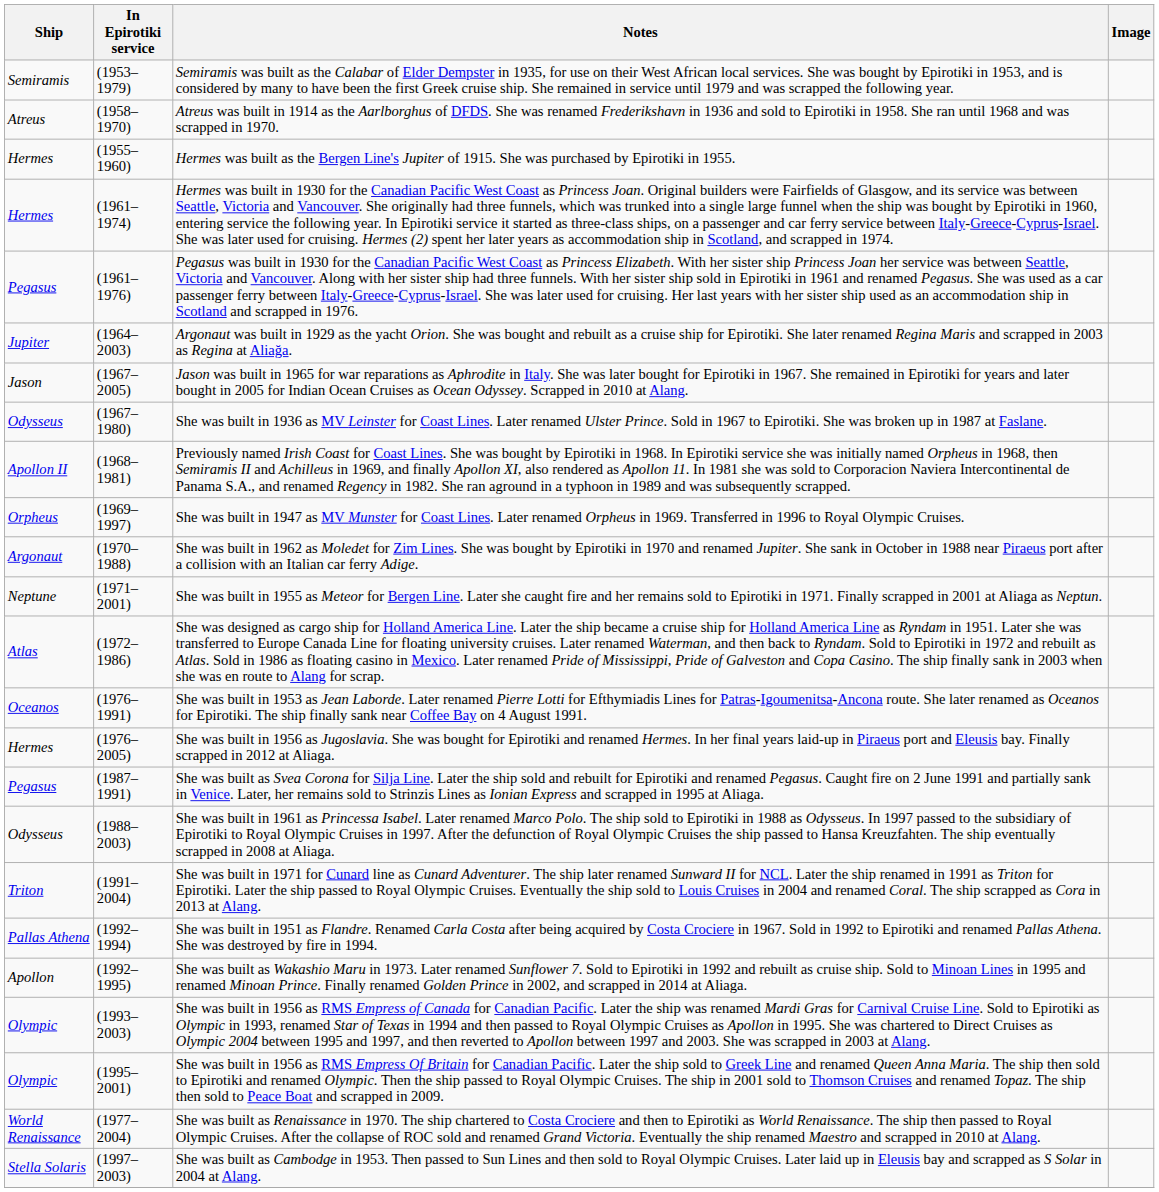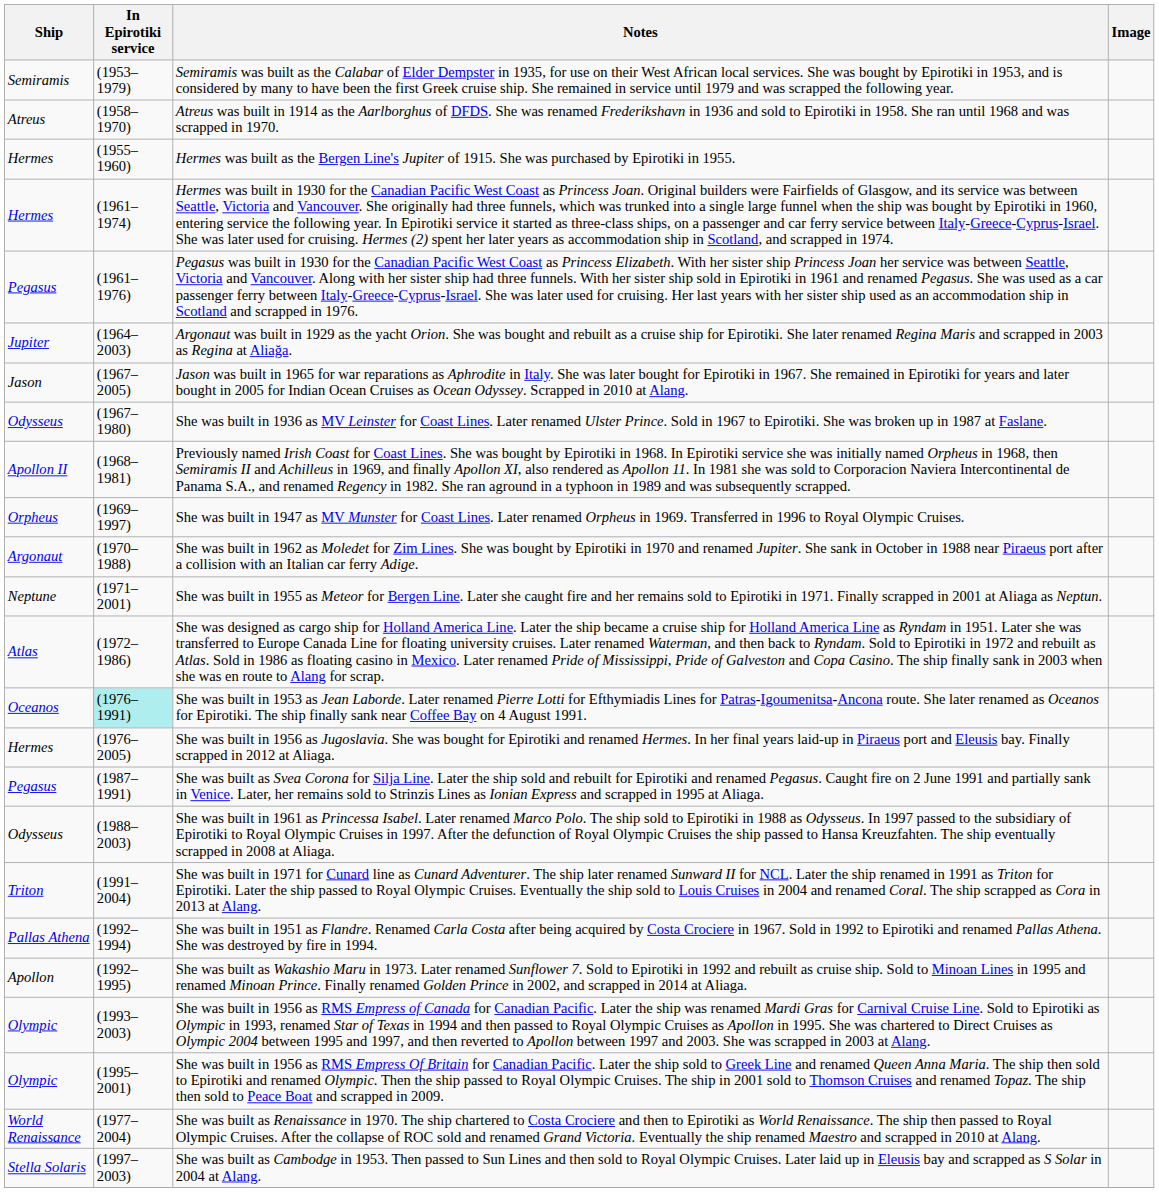 <table class="wikitable" style="width: 100%;">
 <tr>
 <th>Ship</th>
 <th>In Epirotiki service</th>
 <th>Notes</th>
 <th>Image</th>
 </tr>
 <tr>
 <td><em>Semiramis</em></td>
 <td>(1953–1979)</td>
 <td><em>Semiramis</em> was built as the <em>Calabar</em> of <a href='#'>Elder Dempster</a> in 1935, for use on their West African local services. She was bought by Epirotiki in 1953, and is considered by many to have been the first Greek cruise ship. She remained in service until 1979 and was scrapped the following year.</td>
 <td></td>
 </tr>
 <tr>
 <td><em>Atreus</em></td>
 <td>(1958–1970)</td>
 <td><em>Atreus</em> was built in 1914 as the <em>Aarlborghus</em> of <a href='#'>DFDS</a>. She was renamed <em>Frederikshavn</em> in 1936 and sold to Epirotiki in 1958. She ran until 1968 and was scrapped in 1970.</td>
 <td></td>
 </tr>
 <tr>
 <td><em>Hermes</em></td>
 <td>(1955–1960)</td>
 <td><em>Hermes</em> was built as the <a href='#'>Bergen Line's</a> <em>Jupiter</em> of 1915. She was purchased by Epirotiki in 1955.</td>
 <td></td>
 </tr>
 <tr>
 <td><a href='#'><em>Hermes</em></a></td>
 <td>(1961–1974)</td>
 <td><em>Hermes</em> was built in 1930 for the <a href='#'>Canadian Pacific West Coast</a> as <em>Princess Joan</em>. Original builders were Fairfields of Glasgow, and its service was between <a href='#'>Seattle</a>, <a href='#'>Victoria</a> and <a href='#'>Vancouver</a>. She originally had three funnels, which was trunked into a single large funnel when the ship was bought by Epirotiki in 1960, entering service the following year. In Epirotiki service it started as three-class ships, on a passenger and car ferry service between <a href='#'>Italy</a>-<a href='#'>Greece</a>-<a href='#'>Cyprus</a>-<a href='#'>Israel</a>. She was later used for cruising.  <em>Hermes (2)</em> spent her later years as accommodation ship in <a href='#'>Scotland</a>, and scrapped in 1974.</td>
 <td></td>
 </tr>
 <tr>
 <td><a href='#'><em>Pegasus</em></a></td>
 <td>(1961–1976)</td>
 <td><em>Pegasus</em> was built in 1930 for the <a href='#'>Canadian Pacific West Coast</a> as <em>Princess Elizabeth</em>. With her sister ship <em>Princess Joan</em> her service was between <a href='#'>Seattle</a>, <a href='#'>Victoria</a> and <a href='#'>Vancouver</a>. Along with her sister ship had three funnels. With her sister ship sold in Epirotiki in 1961 and renamed <em>Pegasus</em>. She was used as a car passenger ferry between <a href='#'>Italy</a>-<a href='#'>Greece</a>-<a href='#'>Cyprus</a>-<a href='#'>Israel</a>. She was later used for cruising. Her last years with her sister ship used as an accommodation ship in <a href='#'>Scotland</a> and scrapped in 1976.</td>
 <td></td>
 </tr>
 <tr>
 <td><em><a href='#'>Jupiter</a></em></td>
 <td>(1964–2003)</td>
 <td><em>Argonaut</em> was built in 1929 as the yacht <em>Orion</em>. She was bought and rebuilt as a cruise ship for Epirotiki. She later renamed <em>Regina Maris</em> and scrapped in 2003 as <em>Regina</em> at <a href='#'>Aliağa</a>.</td>
 <td></td>
 </tr>
 <tr>
 <td><em>Jason</em></td>
 <td>(1967–2005)</td>
 <td><em>Jason</em> was built in 1965 for war reparations as <em>Aphrodite</em> in <a href='#'>Italy</a>. She was later bought for Epirotiki in 1967. She remained in Epirotiki for years and later bought in 2005 for Indian Ocean Cruises as <em>Ocean Odyssey</em>. Scrapped in 2010 at <a href='#'>Alang</a>.</td>
 <td></td>
 </tr>
 <tr>
 <td><em><a href='#'>Odysseus</a></em></td>
 <td>(1967–1980)</td>
 <td>She was built in 1936 as <a href='#'>MV <em>Leinster</em></a> for <a href='#'>Coast Lines</a>. Later renamed <em>Ulster Prince</em>. Sold in 1967 to Epirotiki. She was broken up in 1987 at <a href='#'>Faslane</a>.</td>
 <td></td>
 </tr>
 <tr>
 <td><em><a href='#'>Apollon II</a></em></td>
 <td>(1968–1981)</td>
 <td>Previously named <em>Irish Coast</em> for <a href='#'>Coast Lines</a>. She was bought by Epirotiki in 1968. In Epirotiki service she was initially named <em>Orpheus</em> in 1968, then <em>Semiramis II</em> and <em>Achilleus</em> in 1969, and finally <em>Apollon XI</em>, also rendered as <em>Apollon 11</em>. In 1981 she was sold to Corporacion Naviera Intercontinental de Panama S.A., and renamed <em>Regency</em> in 1982. She ran aground in a typhoon in 1989 and was subsequently scrapped.</td>
 <td></td>
 </tr>
 <tr>
 <td><em><a href='#'>Orpheus</a></em></td>
 <td>(1969–1997)</td>
 <td>She was built in 1947 as <a href='#'>MV <em>Munster</em></a> for <a href='#'>Coast Lines</a>. Later renamed <em>Orpheus</em> in 1969. Transferred in 1996 to Royal Olympic Cruises.</td>
 <td></td>
 </tr>
 <tr>
 <td><a href='#'><em>Argonaut</em></a></td>
 <td>(1970–1988)</td>
 <td>She was built in 1962 as <em>Moledet</em> for <a href='#'>Zim Lines</a>. She was bought by Epirotiki in 1970 and renamed <em>Jupiter</em>. She sank in October in 1988 near <a href='#'>Piraeus</a> port after a collision with an Italian car ferry <em>Adige</em>.</td>
 <td></td>
 </tr>
 <tr>
 <td><em>Neptune</em></td>
 <td>(1971–2001)</td>
 <td>She was built in 1955 as <em>Meteor</em> for <a href='#'>Bergen Line</a>. Later she caught fire and her remains sold to Epirotiki in 1971. Finally scrapped in 2001 at Aliaga as <em>Neptun</em>.</td>
 <td></td>
 </tr>
 <tr>
 <td><a href='#'><em>Atlas</em></a></td>
 <td>(1972–1986)</td>
 <td>She was designed as cargo ship for <a href='#'>Holland America Line</a>. Later the ship became a cruise ship for <a href='#'>Holland America Line</a> as <em>Ryndam</em> in 1951. Later she was transferred to Europe Canada Line for floating university cruises. Later renamed <em>Waterman</em>, and then back to <em>Ryndam</em>. Sold to Epirotiki in 1972 and rebuilt as <em>Atlas</em>. Sold in 1986 as floating casino in <a href='#'>Mexico</a>. Later renamed <em>Pride of Mississippi</em>, <em>Pride of Galveston</em> and <em>Copa Casino</em>. The ship finally sank in 2003 when she was en route to <a href='#'>Alang</a> for scrap.</td>
 <td></td>
 </tr>
 <tr>
 <td><em><a href='#'>Oceanos</a></em></td>
-<td>(1976–1991)</td>
+<td style="background: paleturquoise;">(1976–1991)</td>
 <td>She was built in 1953 as <em>Jean Laborde</em>. Later renamed <em>Pierre Lotti</em> for Efthymiadis Lines for <a href='#'>Patras</a>-<a href='#'>Igoumenitsa</a>-<a href='#'>Ancona</a> route. She later renamed as <em>Oceanos</em> for Epirotiki. The ship finally sank near <a href='#'>Coffee Bay</a> on 4 August 1991.</td>
 <td></td>
 </tr>
 <tr>
 <td><em>Hermes</em></td>
 <td>(1976–2005)</td>
 <td>She was built in 1956 as <em>Jugoslavia</em>. She was bought for Epirotiki and renamed <em>Hermes</em>. In her final years laid-up in <a href='#'>Piraeus</a> port and <a href='#'>Eleusis</a> bay. Finally scrapped in 2012 at Aliaga.</td>
 <td></td>
 </tr>
 <tr>
 <td><a href='#'><em>Pegasus</em></a></td>
 <td>(1987–1991)</td>
 <td>She was built as <em>Svea Corona</em> for <a href='#'>Silja Line</a>. Later the ship sold and rebuilt for Epirotiki and renamed <em>Pegasus</em>. Caught fire on 2 June 1991 and partially sank in <a href='#'>Venice</a>. Later, her remains sold to Strinzis Lines as <em>Ionian Express</em> and scrapped in 1995 at Aliaga.</td>
 <td></td>
 </tr>
 <tr>
 <td><em>Odysseus</em></td>
 <td>(1988–2003)</td>
 <td>She was built in 1961 as <em>Princessa Isabel</em>. Later renamed <em>Marco Polo</em>. The ship sold to Epirotiki in 1988 as <em>Odysseus</em>. In 1997 passed to the subsidiary of Epirotiki to Royal Olympic Cruises in 1997. After the defunction of Royal Olympic Cruises the ship passed to Hansa Kreuzfahten. The ship eventually scrapped in 2008 at Aliaga.</td>
 <td></td>
 </tr>
 <tr>
 <td><em><a href='#'>Triton</a></em></td>
 <td>(1991–2004)</td>
 <td>She was built in 1971 for <a href='#'>Cunard</a> line as <em>Cunard Adventurer</em>. The ship later renamed <em>Sunward II</em> for <a href='#'>NCL</a>. Later the ship renamed in 1991 as <em>Triton</em> for Epirotiki. Later the ship passed to Royal Olympic Cruises. Eventually the ship sold to <a href='#'>Louis Cruises</a> in 2004 and renamed <em>Coral</em>. The ship scrapped as <em>Cora</em> in 2013 at <a href='#'>Alang</a>.</td>
 <td></td>
 </tr>
 <tr>
 <td><em><a href='#'>Pallas Athena</a></em></td>
 <td>(1992–1994)</td>
 <td>She was built in 1951 as <em>Flandre</em>. Renamed <em>Carla Costa</em> after being acquired by <a href='#'>Costa Crociere</a> in 1967. Sold in 1992 to Epirotiki and renamed <em>Pallas Athena</em>. She was destroyed by fire in 1994.</td>
 <td></td>
 </tr>
 <tr>
 <td><em>Apollon</em></td>
 <td>(1992–1995)</td>
 <td>She was built as <em>Wakashio Maru</em> in 1973. Later renamed <em>Sunflower 7</em>. Sold to Epirotiki in 1992 and rebuilt as cruise ship. Sold to <a href='#'>Minoan Lines</a> in 1995 and renamed <em>Minoan Prince</em>. Finally renamed <em>Golden Prince</em> in 2002, and scrapped in 2014 at Aliaga.</td>
 <td></td>
 </tr>
 <tr>
 <td><a href='#'><em>Olympic</em></a></td>
 <td>(1993–2003)</td>
 <td>She was built in 1956 as <a href='#'>RMS <em>Empress of Canada</em></a> for <a href='#'>Canadian Pacific</a>. Later the ship was renamed <em>Mardi Gras</em> for <a href='#'>Carnival Cruise Line</a>. Sold to Epirotiki as <em>Olympic</em> in 1993, renamed <em>Star of Texas</em> in 1994 and then passed to Royal Olympic Cruises as <em>Apollon</em> in 1995. She was chartered to Direct Cruises as <em>Olympic 2004</em> between 1995 and 1997, and then reverted to <em>Apollon</em> between 1997 and 2003. She was scrapped in 2003 at <a href='#'>Alang</a>.</td>
 <td></td>
 </tr>
 <tr>
 <td><a href='#'><em>Olympic</em></a></td>
 <td>(1995–2001)</td>
 <td>She was built in 1956 as <a href='#'>RMS <em>Empress Of Britain</em></a> for <a href='#'>Canadian Pacific</a>. Later the ship sold to <a href='#'>Greek Line</a> and renamed <em>Queen Anna Maria</em>. The ship then sold to Epirotiki and renamed <em>Olympic</em>. Then the ship passed to Royal Olympic Cruises. The ship in 2001 sold to <a href='#'>Thomson Cruises</a> and renamed <em>Topaz</em>. The ship then sold to <a href='#'>Peace Boat</a> and scrapped in 2009.</td>
 <td></td>
 </tr>
 <tr>
 <td><em><a href='#'>World Renaissance</a></em></td>
 <td>(1977–2004)</td>
 <td>She was built as <em>Renaissance</em> in 1970. The ship chartered to <a href='#'>Costa Crociere</a> and then to Epirotiki as <em>World Renaissance</em>. The ship then passed to Royal Olympic Cruises. After the collapse of ROC sold and renamed <em>Grand Victoria</em>. Eventually the ship renamed <em>Maestro</em> and scrapped in 2010 at <a href='#'>Alang</a>.</td>
 <td></td>
 </tr>
 <tr>
 <td><em><a href='#'>Stella Solaris</a></em></td>
 <td>(1997–2003)</td>
 <td>She was built as <em>Cambodge</em> in 1953. Then passed to Sun Lines and then sold to Royal Olympic Cruises. Later laid up in <a href='#'>Eleusis</a> bay and scrapped as <em>S Solar</em> in 2004 at <a href='#'>Alang</a>.</td>
 <td></td>
 </tr>
 <tr>
 </tr>
 </table>
